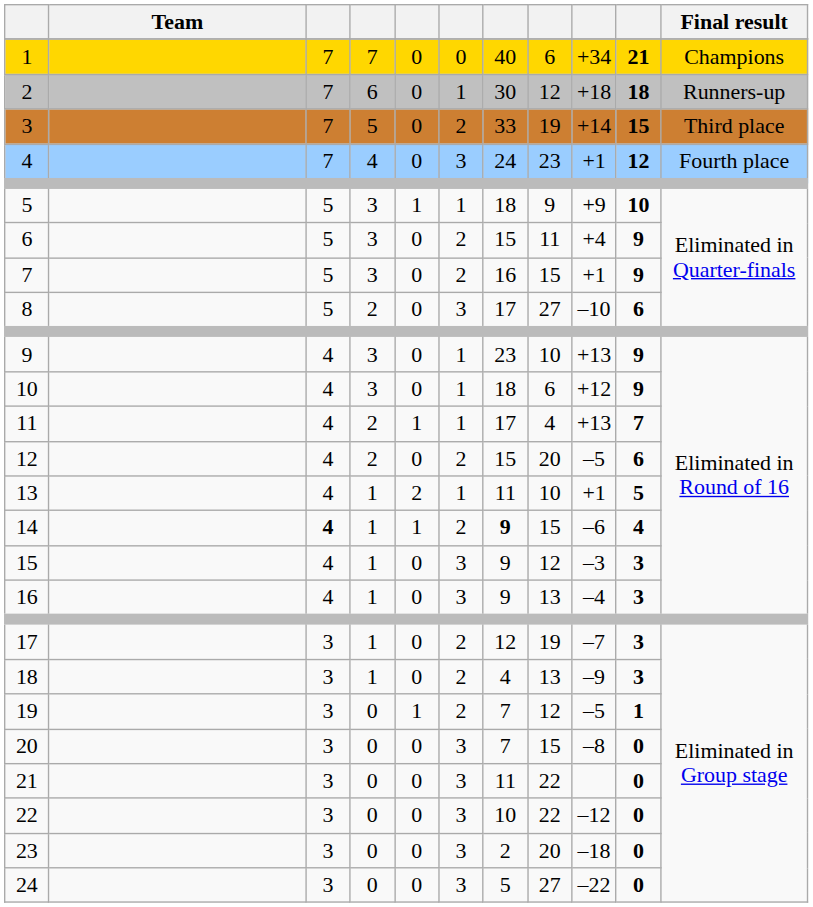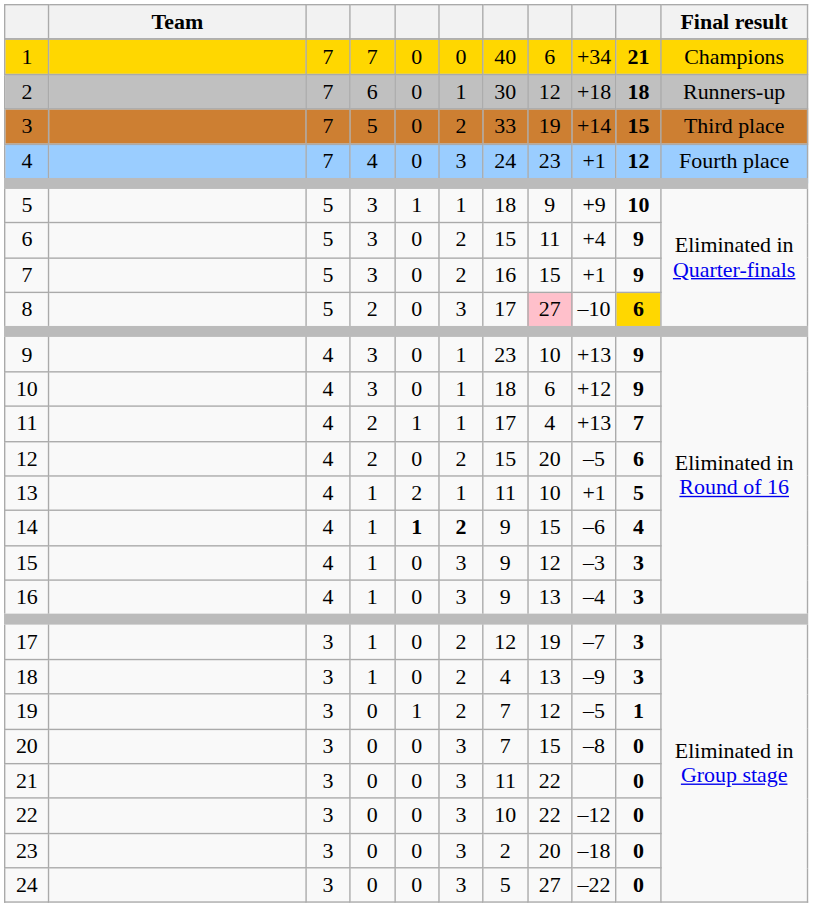 <table class=wikitable style="text-align:center">
 <tr>
 <th width="25"></th>
 <th width="180">Team</th>
 <th width="25"></th>
 <th width="25"></th>
 <th width="25"></th>
 <th width="25"></th>
 <th width="25"></th>
 <th width="25"></th>
 <th width="25"></th>
 <th width="25"></th>
 <th width="100">Final result</th>
 </tr>
 <tr>
 </tr>
 <tr style="background: #FFD700;">
 <td>1</td>
 <td align=left></td>
 <td>7</td>
 <td>7</td>
 <td>0</td>
 <td>0</td>
 <td>40</td>
 <td>6</td>
 <td>+34</td>
 <td><strong>21</strong></td>
 <td>Champions</td>
 </tr>
 <tr style="background: #C0C0C0;">
 <td>2</td>
 <td align=left></td>
 <td>7</td>
 <td>6</td>
 <td>0</td>
 <td>1</td>
 <td>30</td>
 <td>12</td>
 <td>+18</td>
 <td><strong>18</strong></td>
 <td>Runners-up</td>
 </tr>
 <tr style="background: #CD7F32;">
 <td>3</td>
 <td align=left></td>
 <td>7</td>
 <td>5</td>
 <td>0</td>
 <td>2</td>
 <td>33</td>
 <td>19</td>
 <td>+14</td>
 <td><strong>15</strong></td>
 <td>Third place</td>
 </tr>
 <tr bgcolor=#9acdff>
 <td>4</td>
 <td align=left></td>
 <td>7</td>
 <td>4</td>
 <td>0</td>
 <td>3</td>
 <td>24</td>
 <td>23</td>
 <td>+1</td>
 <td><strong>12</strong></td>
 <td>Fourth place</td>
 </tr>
 <tr style="border-top:8px solid #BBBBBB;">
 <td>5</td>
 <td align=left></td>
 <td>5</td>
 <td>3</td>
 <td>1</td>
 <td>1</td>
 <td>18</td>
 <td>9</td>
 <td>+9</td>
 <td><strong>10</strong></td>
 <td rowspan=4>Eliminated in <a href='#'>Quarter-finals</a></td>
 </tr>
 <tr>
 <td>6</td>
 <td align=left></td>
 <td>5</td>
 <td>3</td>
 <td>0</td>
 <td>2</td>
 <td>15</td>
 <td>11</td>
 <td>+4</td>
 <td><strong>9</strong></td>
 </tr>
 <tr>
 <td>7</td>
 <td align=left></td>
 <td>5</td>
 <td>3</td>
 <td>0</td>
 <td>2</td>
 <td>16</td>
 <td>15</td>
 <td>+1</td>
 <td><strong>9</strong></td>
 </tr>
 <tr>
 <td>8</td>
 <td align=left></td>
 <td>5</td>
 <td>2</td>
 <td>0</td>
 <td>3</td>
 <td>17</td>
-<td>27</td>
+<td style="background: pink;">27</td>
 <td>–10</td>
-<td><strong>6</strong></td>
+<td style="background: gold;"><strong>6</strong></td>
 </tr>
 <tr style="border-top:8px solid #BBBBBB;">
 <td>9</td>
 <td align=left></td>
 <td>4</td>
 <td>3</td>
 <td>0</td>
 <td>1</td>
 <td>23</td>
 <td>10</td>
 <td>+13</td>
 <td><strong>9</strong></td>
 <td rowspan=8>Eliminated in <a href='#'>Round of 16</a></td>
 </tr>
 <tr>
 <td>10</td>
 <td align=left></td>
 <td>4</td>
 <td>3</td>
 <td>0</td>
 <td>1</td>
 <td>18</td>
 <td>6</td>
 <td>+12</td>
 <td><strong>9</strong></td>
 </tr>
 <tr>
 <td>11</td>
 <td align=left></td>
 <td>4</td>
 <td>2</td>
 <td>1</td>
 <td>1</td>
 <td>17</td>
 <td>4</td>
 <td>+13</td>
 <td><strong>7</strong></td>
 </tr>
 <tr>
 <td>12</td>
 <td align=left></td>
 <td>4</td>
 <td>2</td>
 <td>0</td>
 <td>2</td>
 <td>15</td>
 <td>20</td>
 <td>–5</td>
 <td><strong>6</strong></td>
 </tr>
 <tr>
 <td>13</td>
 <td align=left></td>
 <td>4</td>
 <td>1</td>
 <td>2</td>
 <td>1</td>
 <td>11</td>
 <td>10</td>
 <td>+1</td>
 <td><strong>5</strong></td>
 </tr>
 <tr>
 <td>14</td>
 <td align=left></td>
-<td><strong>4</strong></td>
+<td>4</td>
 <td>1</td>
-<td>1</td>
-<td>2</td>
-<td><strong>9</strong></td>
+<td><strong>1</strong></td>
+<td><strong>2</strong></td>
+<td>9</td>
 <td>15</td>
 <td>–6</td>
 <td><strong>4</strong></td>
 </tr>
 <tr>
 <td>15</td>
 <td align=left></td>
 <td>4</td>
 <td>1</td>
 <td>0</td>
 <td>3</td>
 <td>9</td>
 <td>12</td>
 <td>–3</td>
 <td><strong>3</strong></td>
 </tr>
 <tr>
 <td>16</td>
 <td align=left></td>
 <td>4</td>
 <td>1</td>
 <td>0</td>
 <td>3</td>
 <td>9</td>
 <td>13</td>
 <td>–4</td>
 <td><strong>3</strong></td>
 </tr>
 <tr style="border-top:8px solid #BBBBBB;">
 <td>17</td>
 <td align=left></td>
 <td>3</td>
 <td>1</td>
 <td>0</td>
 <td>2</td>
 <td>12</td>
 <td>19</td>
 <td>–7</td>
 <td><strong>3</strong></td>
 <td rowspan=8>Eliminated in <a href='#'>Group stage</a></td>
 </tr>
 <tr>
 <td>18</td>
 <td align=left></td>
 <td>3</td>
 <td>1</td>
 <td>0</td>
 <td>2</td>
 <td>4</td>
 <td>13</td>
 <td>–9</td>
 <td><strong>3</strong></td>
 </tr>
 <tr>
 <td>19</td>
 <td align=left></td>
 <td>3</td>
 <td>0</td>
 <td>1</td>
 <td>2</td>
 <td>7</td>
 <td>12</td>
 <td>–5</td>
 <td><strong>1</strong></td>
 </tr>
 <tr>
 <td>20</td>
 <td align=left></td>
 <td>3</td>
 <td>0</td>
 <td>0</td>
 <td>3</td>
 <td>7</td>
 <td>15</td>
 <td>–8</td>
 <td><strong>0</strong></td>
 </tr>
 <tr>
 <td>21</td>
 <td align=left></td>
 <td>3</td>
 <td>0</td>
 <td>0</td>
 <td>3</td>
 <td>11</td>
 <td>22</td>
 <td></td>
 <td><strong>0</strong></td>
 </tr>
 <tr>
 <td>22</td>
 <td align=left></td>
 <td>3</td>
 <td>0</td>
 <td>0</td>
 <td>3</td>
 <td>10</td>
 <td>22</td>
 <td>–12</td>
 <td><strong>0</strong></td>
 </tr>
 <tr>
 <td>23</td>
 <td align=left></td>
 <td>3</td>
 <td>0</td>
 <td>0</td>
 <td>3</td>
 <td>2</td>
 <td>20</td>
 <td>–18</td>
 <td><strong>0</strong></td>
 </tr>
 <tr>
 <td>24</td>
 <td align=left></td>
 <td>3</td>
 <td>0</td>
 <td>0</td>
 <td>3</td>
 <td>5</td>
 <td>27</td>
 <td>–22</td>
 <td><strong>0</strong></td>
 </tr>
 </table>
